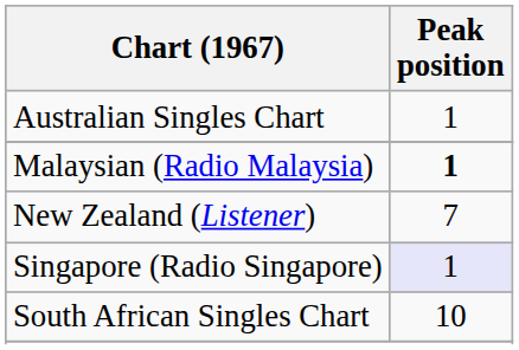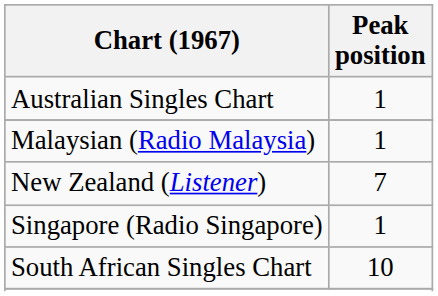 <table class="wikitable">
 <tr>
 <th>Chart (1967)</th>
 <th>Peak<br>position</th>
 </tr>
 <tr>
 <td>Australian Singles Chart</td>
 <td align=center>1</td>
 </tr>
 <tr>
 </tr>
 <tr>
 <td>Malaysian (<a href='#'>Radio Malaysia</a>)</td>
-<td align=center><strong>1</strong></td>
+<td align=center>1</td>
 </tr>
 <tr>
 <td>New Zealand (<em><a href='#'>Listener</a></em>)</td>
 <td align=center>7</td>
 </tr>
 <tr>
 <td>Singapore (Radio Singapore)</td>
-<td align=center style="background: lavender;">1</td>
+<td align=center>1</td>
 </tr>
 <tr>
 <td>South African Singles Chart</td>
 <td align=center>10</td>
 </tr>
 <tr>
 </tr>
 <tr>
 </tr>
 <tr>
 </tr>
 </table>
